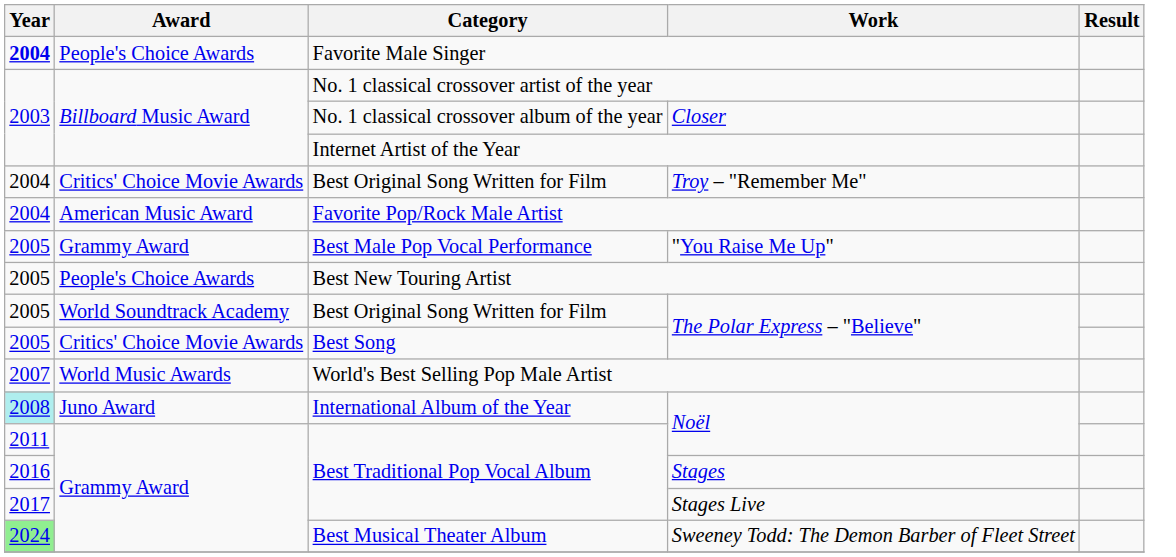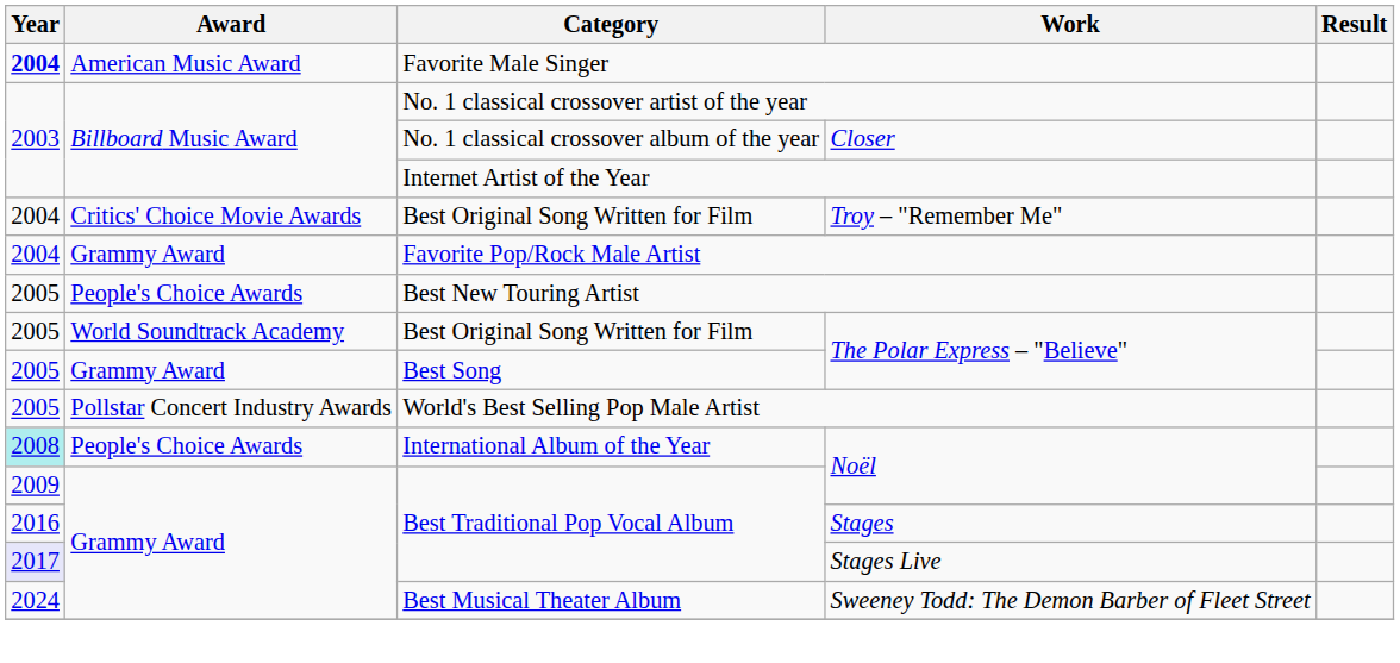 <table class="wikitable">
 <tr>
 <th>Year</th>
 <th>Award</th>
 <th>Category</th>
 <th>Work</th>
 <th>Result</th>
 </tr>
 <tr>
 <td><strong><a href='#'>2004</a></strong></td>
-<td><a href='#'>People's Choice Awards</a></td>
+<td><a href='#'>American Music Award</a></td>
 <td colspan=2>Favorite Male Singer</td>
 <td></td>
 </tr>
 <tr>
 <td rowspan="3"><a href='#'>2003</a></td>
 <td rowspan="3"><a href='#'><em>Billboard</em> Music Award</a></td>
 <td colspan=2>No. 1 classical crossover artist of the year</td>
 <td></td>
 </tr>
 <tr>
 <td>No. 1 classical crossover album of the year</td>
 <td><em><a href='#'>Closer</a></em></td>
 <td></td>
 </tr>
 <tr>
 <td colspan=2>Internet Artist of the Year</td>
 <td></td>
 </tr>
 <tr>
 <td>2004</td>
 <td><a href='#'>Critics' Choice Movie Awards</a></td>
 <td>Best Original Song Written for Film</td>
 <td><em><a href='#'>Troy</a></em> – "Remember Me"</td>
 <td></td>
 </tr>
 <tr>
 <td><a href='#'>2004</a></td>
-<td><a href='#'>American Music Award</a></td>
+<td><a href='#'>Grammy Award</a></td>
 <td colspan=2><a href='#'>Favorite Pop/Rock Male Artist</a></td>
-<td></td>
-</tr>
-<tr>
-<td><a href='#'>2005</a></td>
-<td><a href='#'>Grammy Award</a></td>
-<td><a href='#'>Best Male Pop Vocal Performance</a></td>
-<td>"<a href='#'>You Raise Me Up</a>"</td>
 <td></td>
 </tr>
 <tr>
 <td>2005</td>
 <td><a href='#'>People's Choice Awards</a></td>
 <td colspan=2>Best New Touring Artist</td>
 <td></td>
 </tr>
 <tr>
 <td>2005</td>
 <td><a href='#'>World Soundtrack Academy</a></td>
 <td>Best Original Song Written for Film</td>
 <td rowspan="2"><em><a href='#'>The Polar Express</a></em> – "<a href='#'>Believe</a>"</td>
 <td></td>
 </tr>
 <tr>
 <td><a href='#'>2005</a></td>
-<td><a href='#'>Critics' Choice Movie Awards</a></td>
+<td><a href='#'>Grammy Award</a></td>
 <td><a href='#'>Best Song</a></td>
 <td></td>
 </tr>
 <tr>
-<td><a href='#'>2007</a></td>
-<td><a href='#'>World Music Awards</a></td>
+<td><a href='#'>2005</a></td>
+<td><a href='#'>Pollstar</a> Concert Industry Awards</td>
 <td colspan=2>World's Best Selling Pop Male Artist</td>
 <td></td>
 </tr>
 <tr>
 <td style="background: paleturquoise;"><a href='#'>2008</a></td>
-<td><a href='#'>Juno Award</a></td>
+<td><a href='#'>People's Choice Awards</a></td>
 <td><a href='#'>International Album of the Year</a></td>
 <td rowspan="2”"><em><a href='#'>Noël</a></em></td>
 <td></td>
 </tr>
 <tr>
-<td><a href='#'>2011</a></td>
+<td><a href='#'>2009</a></td>
 <td rowspan="4”"><a href='#'>Grammy Award</a></td>
 <td rowspan="3"><a href='#'>Best Traditional Pop Vocal Album</a></td>
 <td></td>
 </tr>
 <tr>
 <td><a href='#'>2016</a></td>
 <td><em><a href='#'>Stages</a></em></td>
 <td></td>
 </tr>
 <tr>
-<td><a href='#'>2017</a></td>
+<td style="background: lavender;"><a href='#'>2017</a></td>
 <td><em>Stages Live</em></td>
 <td></td>
 </tr>
 <tr>
-<td style="background: lightgreen;"><a href='#'>2024</a></td>
+<td><a href='#'>2024</a></td>
 <td rowspan="1”"><a href='#'>Best Musical Theater Album</a></td>
 <td><em>Sweeney Todd: The Demon Barber of Fleet Street</em></td>
 <td></td>
 </tr>
 <tr>
 </tr>
 </table>
